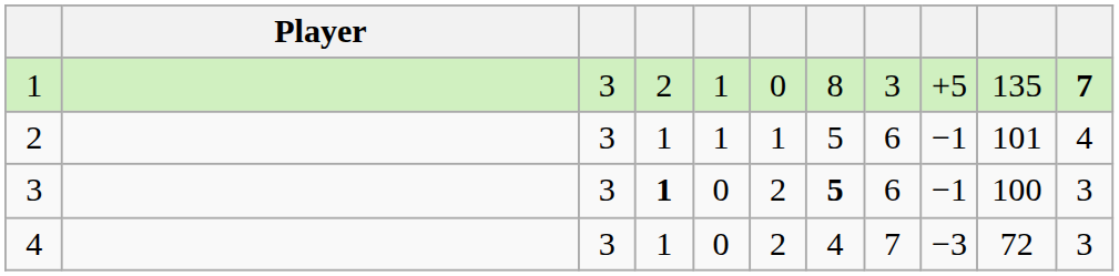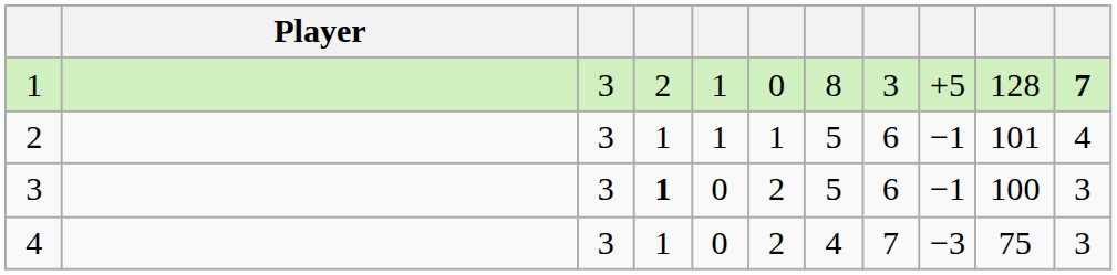 <table class="wikitable" style="text-align:center; margin: 1em auto 1em auto, align:left">
 <tr>
 <th width=20></th>
 <th width=240>Player</th>
 <th width=20></th>
 <th width=20></th>
 <th width=20></th>
 <th width=20></th>
 <th width=20></th>
 <th width=20></th>
 <th width=20></th>
 <th width=30></th>
 <th width=20></th>
 </tr>
 <tr style="background:#D0F0C0;">
 <td>1</td>
 <td align=left></td>
 <td>3</td>
 <td>2</td>
 <td>1</td>
 <td>0</td>
 <td>8</td>
 <td>3</td>
 <td>+5</td>
-<td>135</td>
+<td>128</td>
 <td><strong>7</strong></td>
 </tr>
 <tr style=>
 <td>2</td>
 <td align=left></td>
 <td>3</td>
 <td>1</td>
 <td>1</td>
 <td>1</td>
 <td>5</td>
 <td>6</td>
 <td>−1</td>
 <td>101</td>
 <td>4</td>
 </tr>
 <tr style=>
 <td>3</td>
 <td align=left></td>
 <td>3</td>
 <td><strong>1</strong></td>
 <td>0</td>
 <td>2</td>
-<td><strong>5</strong></td>
+<td>5</td>
 <td>6</td>
 <td>−1</td>
 <td>100</td>
 <td>3</td>
 </tr>
 <tr style=>
 <td>4</td>
 <td align=left></td>
 <td>3</td>
 <td>1</td>
 <td>0</td>
 <td>2</td>
 <td>4</td>
 <td>7</td>
 <td>−3</td>
-<td>72</td>
+<td>75</td>
 <td>3</td>
 </tr>
 </table>
